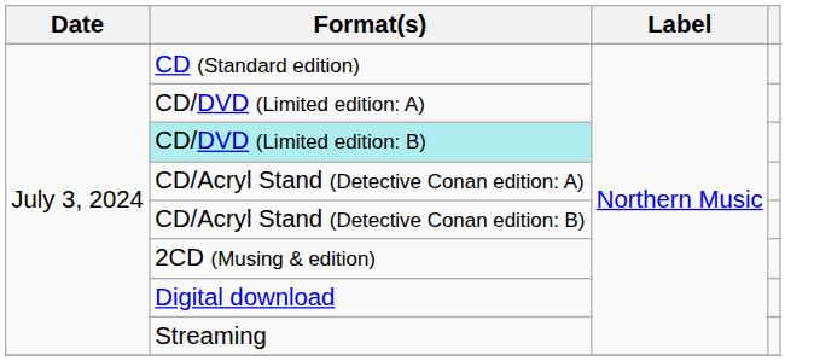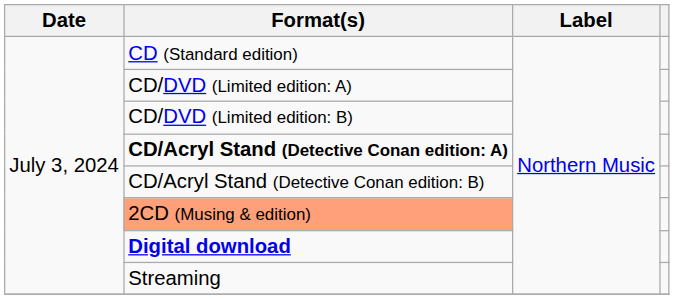 <table class="wikitable plainrowheaders">
 <tr>
 <th scope="col">Date</th>
 <th scope="col">Format(s)</th>
 <th scope="col">Label</th>
 <th scope="col"></th>
 </tr>
 <tr>
 <td rowspan="8">July 3, 2024</td>
 <td><a href='#'>CD</a> <small>(Standard edition)</small></td>
 <td rowspan="8"><a href='#'>Northern Music</a></td>
 <td></td>
 </tr>
 <tr>
 <td>CD/<a href='#'>DVD</a> <small>(Limited edition: A)</small></td>
 <td></td>
 </tr>
 <tr>
-<td style="background: paleturquoise;">CD/<a href='#'>DVD</a> <small>(Limited edition: B)</small></td>
+<td>CD/<a href='#'>DVD</a> <small>(Limited edition: B)</small></td>
 <td></td>
 </tr>
 <tr>
-<td>CD/Acryl Stand <small>(Detective Conan edition: A)</small></td>
+<td><strong>CD/Acryl Stand <small>(Detective Conan edition: A)</small></strong></td>
 <td></td>
 </tr>
 <tr>
 <td>CD/Acryl Stand <small>(Detective Conan edition: B)</small></td>
 <td></td>
 </tr>
 <tr>
-<td>2CD <small>(Musing &  edition)</small></td>
+<td style="background: lightsalmon;">2CD <small>(Musing &  edition)</small></td>
 <td></td>
 </tr>
 <tr>
-<td><a href='#'>Digital download</a></td>
+<td><strong><a href='#'>Digital download</a></strong></td>
 <td></td>
 </tr>
 <tr>
 <td>Streaming</td>
 <td></td>
 </tr>
 <tr>
 </tr>
 </table>
